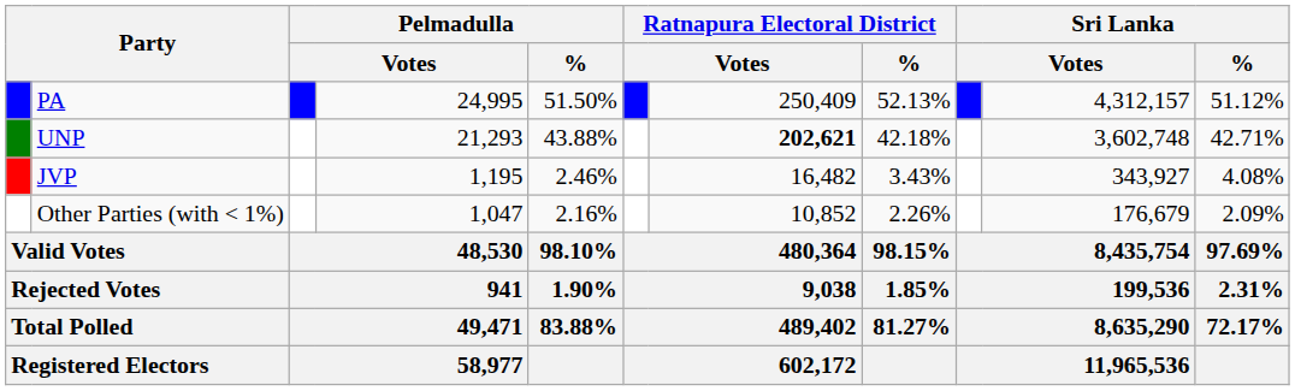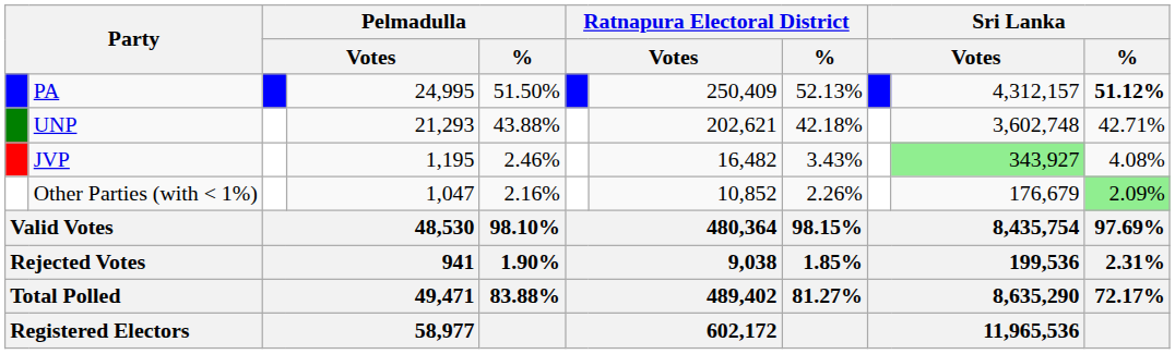 <table class="wikitable">
 <tr>
 <th colspan="2" width="144px"rowspan="2">Party</th>
 <th colspan="3" width="216px">Pelmadulla</th>
 <th colspan="3" width="216px"><a href='#'>Ratnapura Electoral District</a></th>
 <th colspan="3" width="216px">Sri Lanka</th>
 </tr>
 <tr>
 <th colspan="2" width="144px">Votes</th>
 <th>%</th>
 <th colspan="2" width="144px">Votes</th>
 <th>%</th>
 <th colspan="2" width="144px">Votes</th>
 <th>%</th>
 </tr>
 <tr>
 <td style="background-color:blue;" width="10px"></td>
 <td style="text-align:left;"><a href='#'>PA</a></td>
 <td style="background-color:blue;" width="10px"></td>
 <td style="text-align:right;">24,995</td>
 <td style="text-align:right;">51.50%</td>
 <td style="background-color:blue;" width="10px"></td>
 <td style="text-align:right;">250,409</td>
 <td style="text-align:right;">52.13%</td>
 <td style="background-color:blue;" width="10px"></td>
 <td style="text-align:right;">4,312,157</td>
-<td style="text-align:right;">51.12%</td>
+<td style="text-align:right;"><strong>51.12%</strong></td>
 </tr>
 <tr>
 <td style="background-color:green;" width="10px"></td>
 <td style="text-align:left;"><a href='#'>UNP</a></td>
 <td style="background-color:white;" width="10px"></td>
 <td style="text-align:right;">21,293</td>
 <td style="text-align:right;">43.88%</td>
 <td style="background-color:white;" width="10px"></td>
-<td style="text-align:right;"><strong>202,621</strong></td>
+<td style="text-align:right;">202,621</td>
 <td style="text-align:right;">42.18%</td>
 <td style="background-color:white;" width="10px"></td>
 <td style="text-align:right;">3,602,748</td>
 <td style="text-align:right;">42.71%</td>
 </tr>
 <tr>
 <td style="background-color:red;" width="10px"></td>
 <td style="text-align:left;"><a href='#'>JVP</a></td>
 <td style="background-color:white;" width="10px"></td>
 <td style="text-align:right;">1,195</td>
 <td style="text-align:right;">2.46%</td>
 <td style="background-color:white;" width="10px"></td>
 <td style="text-align:right;">16,482</td>
 <td style="text-align:right;">3.43%</td>
 <td style="background-color:white;" width="10px"></td>
-<td style="text-align:right;">343,927</td>
+<td style="background: lightgreen; text-align:right;">343,927</td>
 <td style="text-align:right;">4.08%</td>
 </tr>
 <tr>
 <td style="background-color:white;" width="10px"></td>
 <td style="text-align:left;">Other Parties (with < 1%)</td>
 <td style="background-color:white;" width="10px"></td>
 <td style="text-align:right;">1,047</td>
 <td style="text-align:right;">2.16%</td>
 <td style="background-color:white;" width="10px"></td>
 <td style="text-align:right;">10,852</td>
 <td style="text-align:right;">2.26%</td>
 <td style="background-color:white;" width="10px"></td>
 <td style="text-align:right;">176,679</td>
-<td style="text-align:right;">2.09%</td>
+<td style="background: lightgreen; text-align:right;">2.09%</td>
 </tr>
 <tr>
 <th colspan="2" width="144px"style="text-align:left;">Valid Votes</th>
 <th style="text-align:right;"colspan="2" width="144px">48,530</th>
 <th style="text-align:right;">98.10%</th>
 <th style="text-align:right;"colspan="2" width="144px">480,364</th>
 <th style="text-align:right;">98.15%</th>
 <th style="text-align:right;"colspan="2" width="144px">8,435,754</th>
 <th style="text-align:right;">97.69%</th>
 </tr>
 <tr>
 <th colspan="2" width="144px"style="text-align:left;">Rejected Votes</th>
 <th style="text-align:right;"colspan="2" width="144px">941</th>
 <th style="text-align:right;">1.90%</th>
 <th style="text-align:right;"colspan="2" width="144px">9,038</th>
 <th style="text-align:right;">1.85%</th>
 <th style="text-align:right;"colspan="2" width="144px">199,536</th>
 <th style="text-align:right;">2.31%</th>
 </tr>
 <tr>
 <th colspan="2" width="144px"style="text-align:left;">Total Polled</th>
 <th style="text-align:right;"colspan="2" width="144px">49,471</th>
 <th style="text-align:right;">83.88%</th>
 <th style="text-align:right;"colspan="2" width="144px">489,402</th>
 <th style="text-align:right;">81.27%</th>
 <th style="text-align:right;"colspan="2" width="144px">8,635,290</th>
 <th style="text-align:right;">72.17%</th>
 </tr>
 <tr>
 <th colspan="2" width="144px"style="text-align:left;">Registered Electors</th>
 <th style="text-align:right;"colspan="2" width="144px">58,977</th>
 <th></th>
 <th style="text-align:right;"colspan="2" width="144px">602,172</th>
 <th></th>
 <th style="text-align:right;"colspan="2" width="144px">11,965,536</th>
 <th></th>
 </tr>
 </table>
